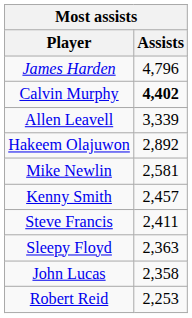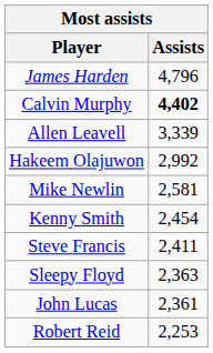 <table class="wikitable sortable" style="text-align:center">
 <tr>
 <th colspan="2" style="text-align:center; ">Most assists</th>
 </tr>
 <tr>
 <th style="text-align:center; ">Player</th>
 <th style="text-align:center; ">Assists</th>
 </tr>
 <tr>
 <td><em><a href='#'>James Harden</a></em></td>
 <td>4,796</td>
 </tr>
 <tr>
 <td><a href='#'>Calvin Murphy</a></td>
 <td><strong>4,402</strong></td>
 </tr>
 <tr>
 <td><a href='#'>Allen Leavell</a></td>
 <td>3,339</td>
 </tr>
 <tr>
 <td><a href='#'>Hakeem Olajuwon</a></td>
-<td>2,892</td>
+<td>2,992</td>
 </tr>
 <tr>
 <td><a href='#'>Mike Newlin</a></td>
 <td>2,581</td>
 </tr>
 <tr>
 <td><a href='#'>Kenny Smith</a></td>
-<td>2,457</td>
+<td>2,454</td>
 </tr>
 <tr>
 <td><a href='#'>Steve Francis</a></td>
 <td>2,411</td>
 </tr>
 <tr>
 <td><a href='#'>Sleepy Floyd</a></td>
 <td>2,363</td>
 </tr>
 <tr>
 <td><a href='#'>John Lucas</a></td>
-<td>2,358</td>
+<td>2,361</td>
 </tr>
 <tr>
 <td><a href='#'>Robert Reid</a></td>
 <td>2,253</td>
 </tr>
 </table>
